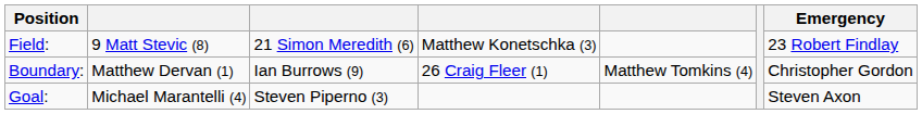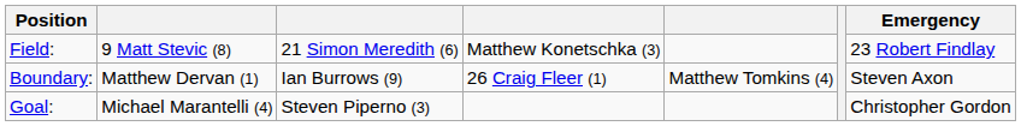 <table class="wikitable" style="font-size: 95%;">
 <tr>
 <th>Position</th>
 <th></th>
 <th></th>
 <th></th>
 <th></th>
 <th rowspan="4"></th>
 <th>Emergency</th>
 </tr>
 <tr>
 <td><a href='#'>Field</a>:</td>
 <td>9 <a href='#'>Matt Stevic</a> <small>(8)</small></td>
 <td>21 <a href='#'>Simon Meredith</a> <small>(6)</small></td>
 <td>Matthew Konetschka <small>(3)</small></td>
 <td></td>
 <td>23 <a href='#'>Robert Findlay</a></td>
 </tr>
 <tr>
 <td><a href='#'>Boundary</a>:</td>
 <td>Matthew Dervan <small>(1)</small></td>
 <td>Ian Burrows <small>(9)</small></td>
 <td>26 <a href='#'>Craig Fleer</a> <small>(1)</small></td>
 <td>Matthew Tomkins <small>(4)</small></td>
-<td>Christopher Gordon</td>
+<td>Steven Axon</td>
 </tr>
 <tr>
 <td><a href='#'>Goal</a>:</td>
 <td>Michael Marantelli <small>(4)</small></td>
 <td>Steven Piperno <small>(3)</small></td>
 <td></td>
 <td></td>
-<td>Steven Axon</td>
+<td>Christopher Gordon</td>
 </tr>
 </table>
